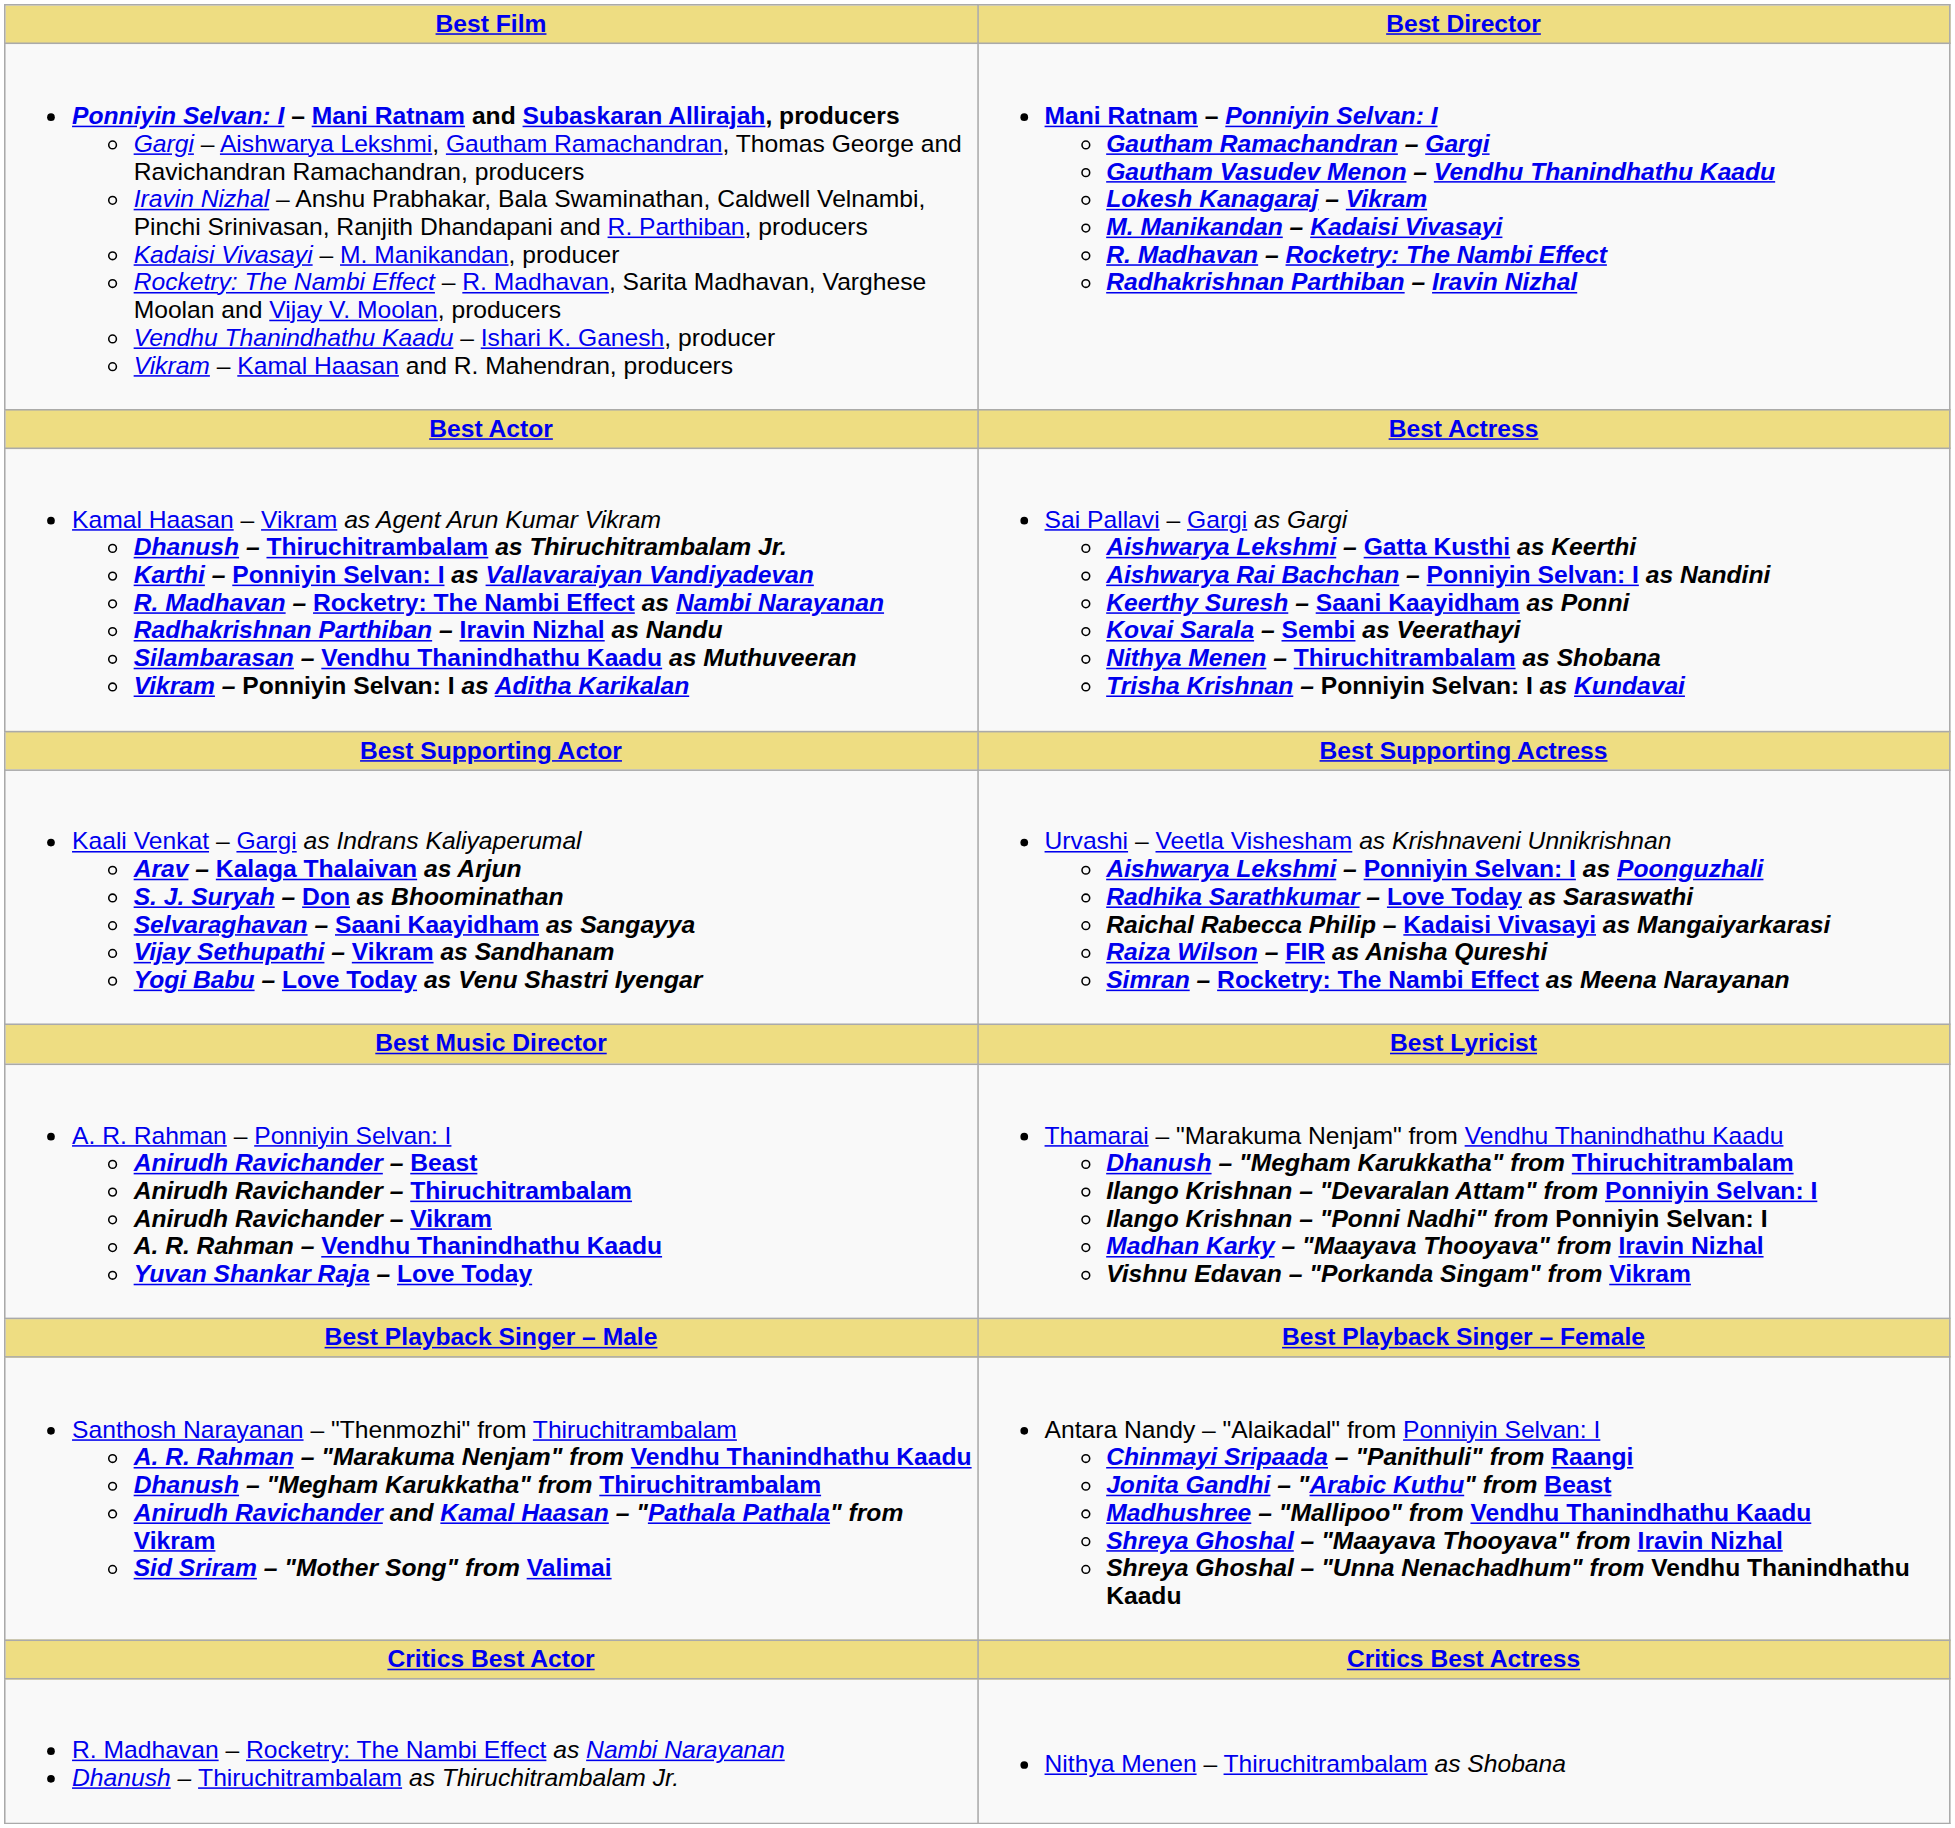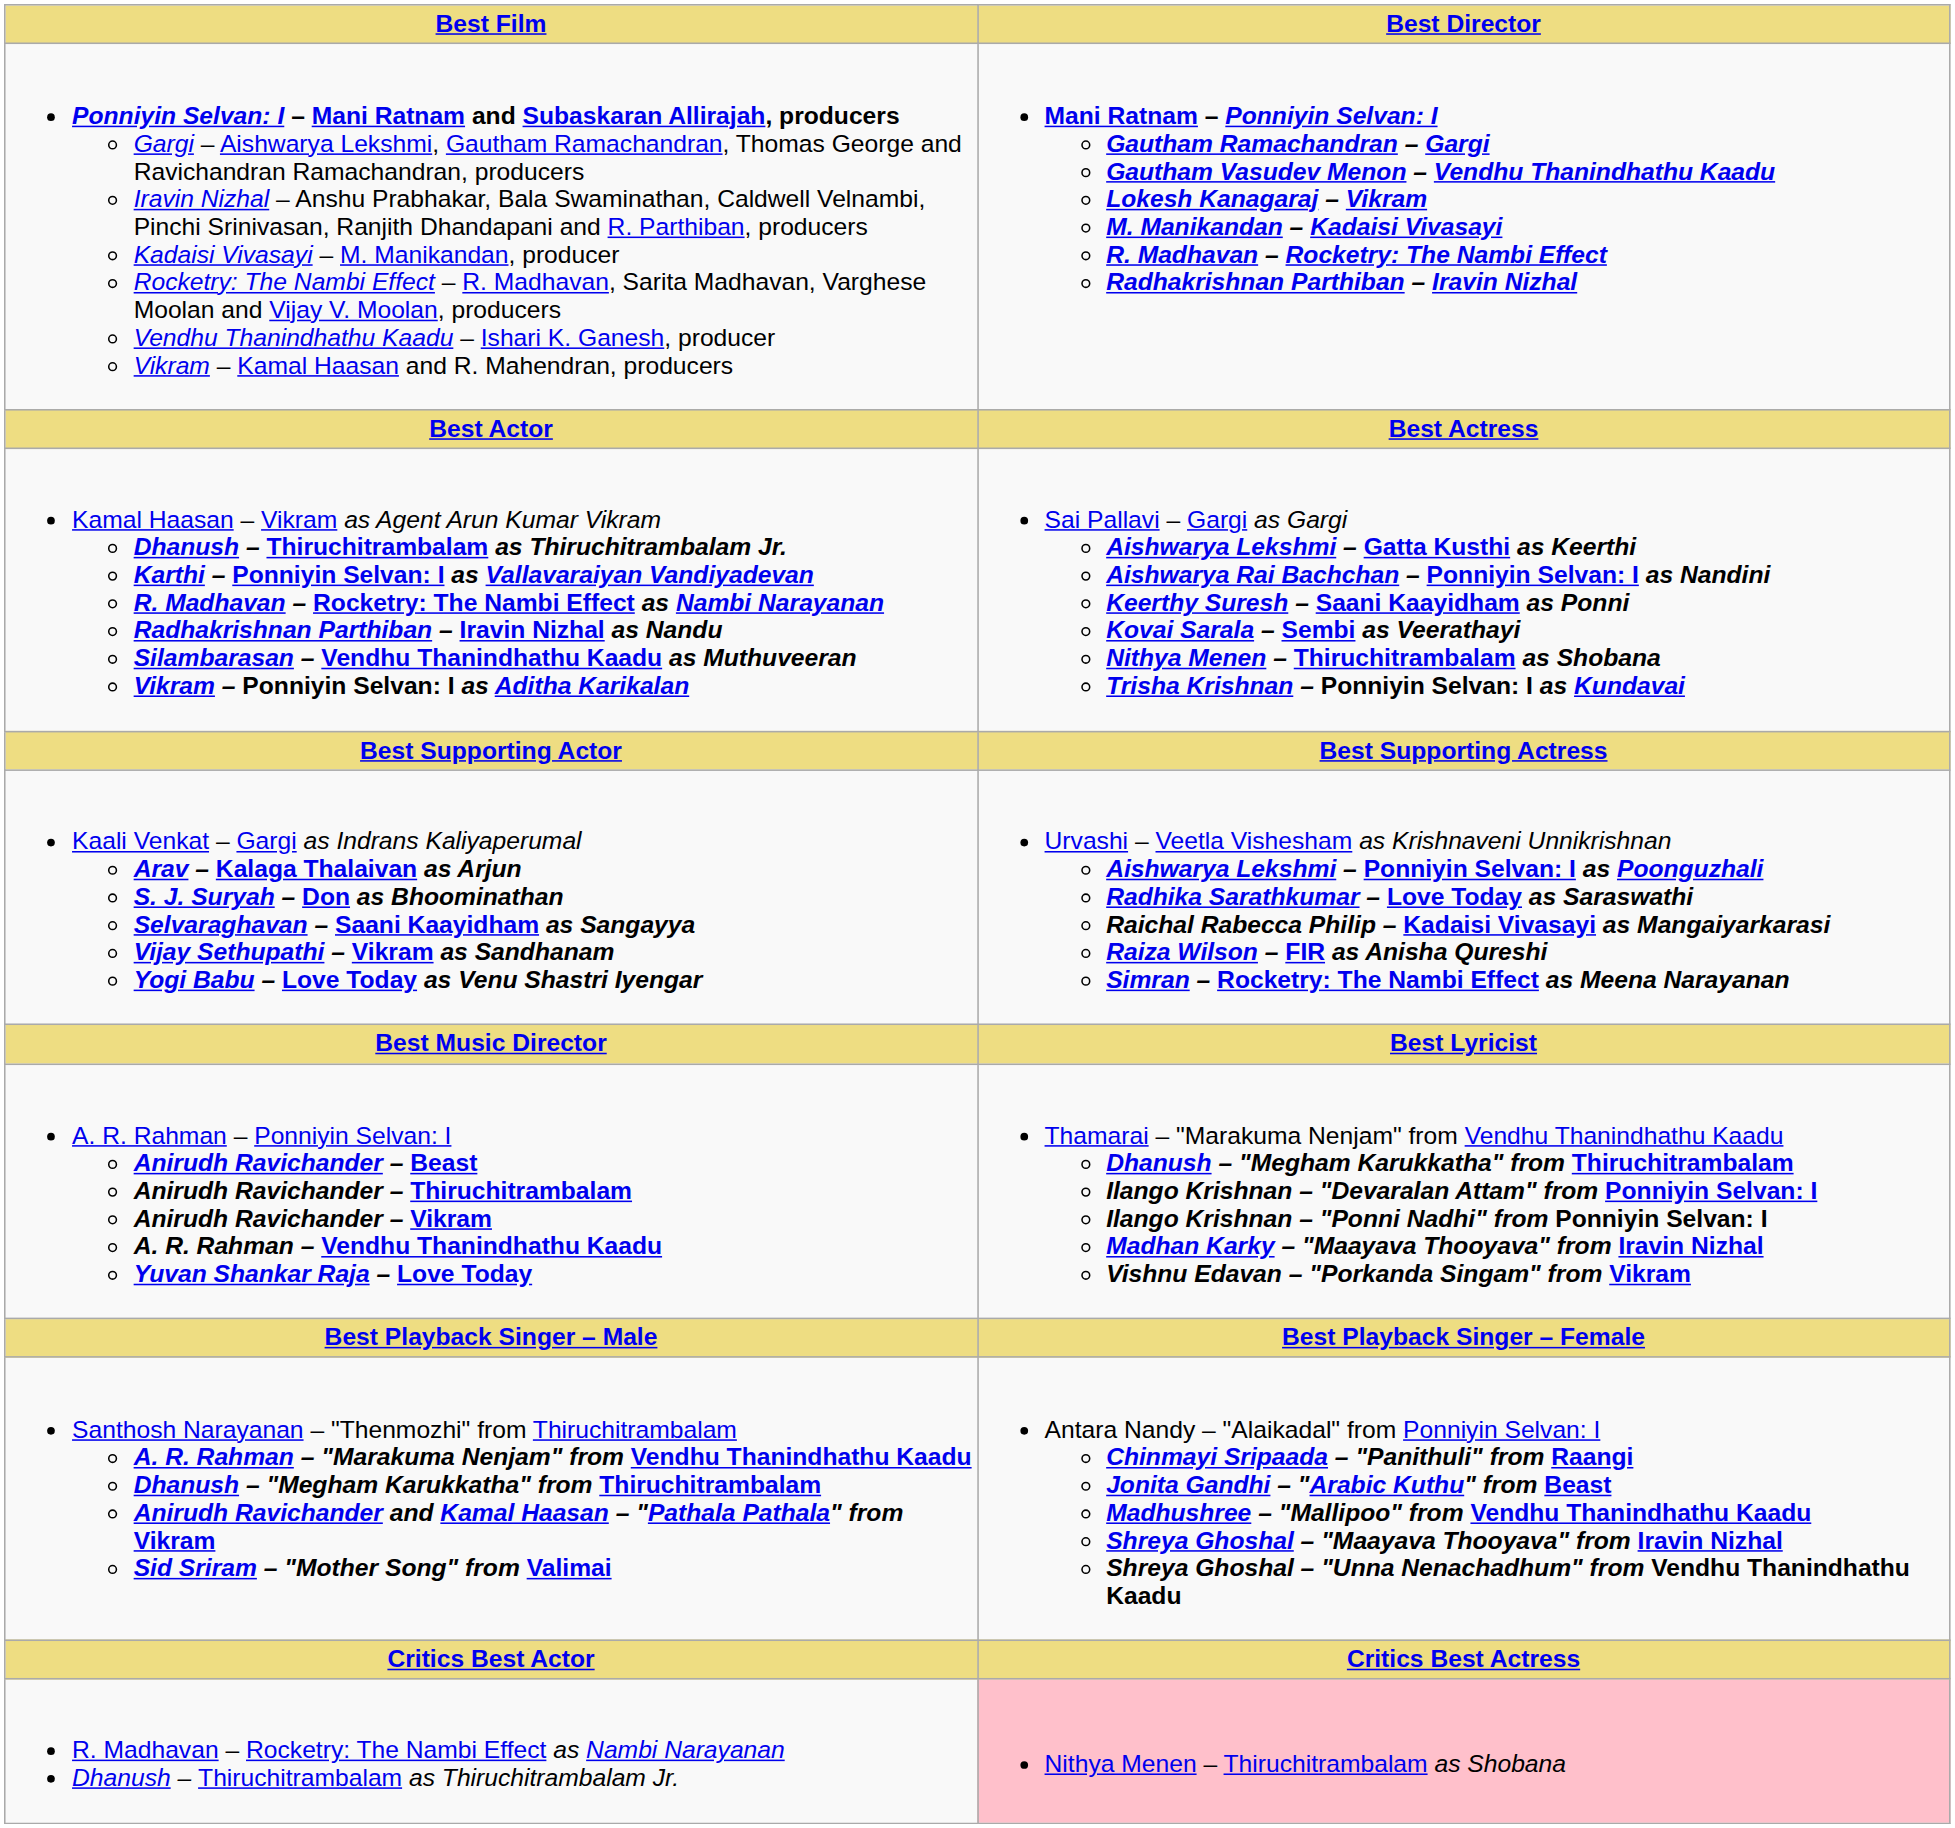 <table class="wikitable" width=100% |>
 <tr>
 <th ! style="background:#eedd82; text-align:center; width:50%;"><a href='#'>Best Film</a></th>
 <th ! style="background:#eedd82; text-align:center; width:50%;"><a href='#'>Best Director</a></th>
 </tr>
 <tr>
 <td valign="top"><br><ul><li><strong><em><a href='#'>Ponniyin Selvan: I</a></em></strong> <strong>– <a href='#'>Mani Ratnam</a> and <a href='#'>Subaskaran Allirajah</a>, producers</strong><ul><li><a href='#'><em>Gargi</em></a> – <a href='#'>Aishwarya Lekshmi</a>, <a href='#'>Gautham Ramachandran</a>, Thomas George and Ravichandran Ramachandran, producers</li><li><em><a href='#'>Iravin Nizhal</a></em> – Anshu Prabhakar, Bala Swaminathan, Caldwell Velnambi, Pinchi Srinivasan, Ranjith Dhandapani and <a href='#'>R. Parthiban</a>, producers</li><li><em><a href='#'>Kadaisi Vivasayi</a></em> – <a href='#'>M. Manikandan</a>, producer</li><li><em><a href='#'>Rocketry: The Nambi Effect</a></em> – <a href='#'>R. Madhavan</a>, Sarita Madhavan, Varghese Moolan and <a href='#'>Vijay V. Moolan</a>, producers</li><li><em><a href='#'>Vendhu Thanindhathu Kaadu</a></em> – <a href='#'>Ishari K. Ganesh</a>, producer</li><li><a href='#'><em>Vikram</em></a> – <a href='#'>Kamal Haasan</a> and R. Mahendran, producers</li></ul></li></ul></td>
 <td valign="top"><br><ul><li><strong><a href='#'>Mani Ratnam</a> – <em><a href='#'>Ponniyin Selvan: I</a><strong><em><ul><li><a href='#'>Gautham Ramachandran</a> – <a href='#'></em>Gargi<em></a></li><li><a href='#'>Gautham Vasudev Menon</a> – </em><a href='#'>Vendhu Thanindhathu Kaadu</a><em></li><li><a href='#'>Lokesh Kanagaraj</a> – <a href='#'></em>Vikram<em></a></li><li><a href='#'>M. Manikandan</a> – </em><a href='#'>Kadaisi Vivasayi</a><em></li><li><a href='#'>R. Madhavan</a> – </em><a href='#'>Rocketry: The Nambi Effect</a><em></li><li><a href='#'>Radhakrishnan Parthiban</a> – </em><a href='#'>Iravin Nizhal</a><em></li></ul></li></ul></td>
 </tr>
 <tr>
 <th ! style="background:#eedd82; text-align:center;"><a href='#'>Best Actor</a></th>
 <th ! style="background:#eedd82; text-align:center;"><a href='#'>Best Actress</a></th>
 </tr>
 <tr>
 <td valign="top"><br><ul><li></strong><a href='#'>Kamal Haasan</a> – <a href='#'></em>Vikram<em></a> as Agent Arun Kumar Vikram<strong><ul><li><a href='#'>Dhanush</a> – </em><a href='#'>Thiruchitrambalam</a><em> as Thiruchitrambalam Jr.</li><li><a href='#'>Karthi</a> – </em><a href='#'>Ponniyin Selvan: I</a><em> as <a href='#'>Vallavaraiyan Vandiyadevan</a></li><li><a href='#'>R. Madhavan</a> – </em><a href='#'>Rocketry: The Nambi Effect</a><em> as <a href='#'>Nambi Narayanan</a></li><li><a href='#'>Radhakrishnan Parthiban</a> – </em><a href='#'>Iravin Nizhal</a><em> as Nandu</li><li><a href='#'>Silambarasan</a> – </em><a href='#'>Vendhu Thanindhathu Kaadu</a><em> as Muthuveeran</li><li><a href='#'>Vikram</a> – </em>Ponniyin Selvan: I<em> as <a href='#'>Aditha Karikalan</a></li></ul></li></ul></td>
 <td valign="top"><br><ul><li></strong><a href='#'>Sai Pallavi</a> – <a href='#'></em>Gargi<em></a> as Gargi<strong><ul><li><a href='#'>Aishwarya Lekshmi</a> – </em><a href='#'>Gatta Kusthi</a><em> as Keerthi</li><li><a href='#'>Aishwarya Rai Bachchan</a> – </em><a href='#'>Ponniyin Selvan: I</a><em> as Nandini</li><li><a href='#'>Keerthy Suresh</a> – </em><a href='#'>Saani Kaayidham</a><em> as Ponni</li><li><a href='#'>Kovai Sarala</a> – </em><a href='#'>Sembi</a><em> as Veerathayi</li><li><a href='#'>Nithya Menen</a> – </em><a href='#'>Thiruchitrambalam</a><em> as Shobana</li><li><a href='#'>Trisha Krishnan</a> – </em>Ponniyin Selvan: I<em> as <a href='#'>Kundavai</a></li></ul></li></ul></td>
 </tr>
 <tr>
 <th ! style="background:#eedd82; text-align:center;"><a href='#'>Best Supporting Actor</a></th>
 <th ! style="background:#eedd82; text-align:center;"><a href='#'>Best Supporting Actress</a></th>
 </tr>
 <tr>
 <td valign="top"><br><ul><li></strong><a href='#'>Kaali Venkat</a> – <a href='#'></em>Gargi<em></a> as Indrans Kaliyaperumal<strong><ul><li><a href='#'>Arav</a> – </em><a href='#'>Kalaga Thalaivan</a><em> as Arjun</li><li><a href='#'>S. J. Suryah</a> – <a href='#'></em>Don<em></a> as Bhoominathan</li><li><a href='#'>Selvaraghavan</a> – </em><a href='#'>Saani Kaayidham</a><em> as Sangayya</li><li><a href='#'>Vijay Sethupathi</a> – <a href='#'></em>Vikram<em></a> as Sandhanam</li><li><a href='#'>Yogi Babu</a> – <a href='#'></em>Love Today<em></a> as Venu Shastri Iyengar</li></ul></li></ul></td>
 <td valign="top"><br><ul><li></strong><a href='#'>Urvashi</a> – </em><a href='#'>Veetla Vishesham</a><em> as Krishnaveni Unnikrishnan<strong><ul><li><a href='#'>Aishwarya Lekshmi</a> – </em><a href='#'>Ponniyin Selvan: I</a><em>  as <a href='#'>Poonguzhali</a></li><li><a href='#'>Radhika Sarathkumar</a> – <a href='#'></em>Love Today<em></a> as Saraswathi</li><li>Raichal Rabecca Philip – </em><a href='#'>Kadaisi Vivasayi</a><em> as Mangaiyarkarasi</li><li><a href='#'>Raiza Wilson</a> – <a href='#'></em>FIR<em></a> as Anisha Qureshi</li><li><a href='#'>Simran</a> – </em><a href='#'>Rocketry: The Nambi Effect</a><em> as Meena Narayanan</li></ul></li></ul></td>
 </tr>
 <tr>
 <th ! style="background:#eedd82; text-align:center;"><a href='#'>Best Music Director</a></th>
 <th ! style="background:#eedd82; text-align:center;"><a href='#'>Best Lyricist</a></th>
 </tr>
 <tr>
 <td valign="top"><br><ul><li></strong><a href='#'>A. R. Rahman</a> – <a href='#'></em>Ponniyin Selvan: I<em></a><strong><ul><li><a href='#'>Anirudh Ravichander</a> – <a href='#'></em>Beast<em></a></li><li>Anirudh Ravichander – <a href='#'></em>Thiruchitrambalam<em></a></li><li>Anirudh Ravichander – <a href='#'></em>Vikram<em></a></li><li>A. R. Rahman – <a href='#'></em>Vendhu Thanindhathu Kaadu<em></a></li><li><a href='#'>Yuvan Shankar Raja</a> – <a href='#'></em>Love Today<em></a></li></ul></li></ul></td>
 <td valign="top"><br><ul><li></strong><a href='#'>Thamarai</a> – "Marakuma Nenjam" from <a href='#'></em>Vendhu Thanindhathu Kaadu<em></a><strong><ul><li><a href='#'>Dhanush</a> – "Megham Karukkatha" from <a href='#'></em>Thiruchitrambalam<em></a></li><li>Ilango Krishnan – "Devaralan Attam" from <a href='#'></em>Ponniyin Selvan: I<em></a></li><li>Ilango Krishnan – "Ponni Nadhi" from </em>Ponniyin Selvan: I<em></li><li><a href='#'>Madhan Karky</a> – "Maayava Thooyava" from </em><a href='#'>Iravin Nizhal</a><em></li><li>Vishnu Edavan – "Porkanda Singam"  from <a href='#'></em>Vikram<em></a></li></ul></li></ul></td>
 </tr>
 <tr>
 <th ! style="background:#eedd82; text-align:center;"><a href='#'>Best Playback Singer – Male</a></th>
 <th ! style="background:#eedd82; text-align:center;"><a href='#'>Best Playback Singer – Female</a></th>
 </tr>
 <tr>
 <td valign="top"><br><ul><li></strong><a href='#'>Santhosh Narayanan</a> – "Thenmozhi" from <a href='#'></em>Thiruchitrambalam<em></a><strong><ul><li><a href='#'>A. R. Rahman</a> –  "Marakuma Nenjam" from <a href='#'></em>Vendhu Thanindhathu Kaadu<em></a></li><li><a href='#'>Dhanush</a> –  "Megham Karukkatha" from <a href='#'></em>Thiruchitrambalam<em></a></li><li><a href='#'>Anirudh Ravichander</a> and <a href='#'>Kamal Haasan</a> – "<a href='#'>Pathala Pathala</a>" from <a href='#'></em>Vikram<em></a></li><li><a href='#'>Sid Sriram</a> – "Mother Song" from <a href='#'></em>Valimai<em></a></li></ul></li></ul></td>
 <td valign="top"><br><ul><li></strong>Antara Nandy – "Alaikadal" from <a href='#'></em>Ponniyin Selvan: I<em></a><strong><ul><li><a href='#'>Chinmayi Sripaada</a> – "Panithuli" from </em><a href='#'>Raangi</a><em></li><li><a href='#'>Jonita Gandhi</a> – "<a href='#'>Arabic Kuthu</a>" from <a href='#'></em>Beast<em></a></li><li><a href='#'>Madhushree</a> – "Mallipoo" from <a href='#'></em>Vendhu Thanindhathu Kaadu<em></a></li><li><a href='#'>Shreya Ghoshal</a> – "Maayava Thooyava" from </em><a href='#'>Iravin Nizhal</a><em></li><li>Shreya Ghoshal – "Unna Nenachadhum" from </em>Vendhu Thanindhathu Kaadu<em></li></ul></li></ul></td>
 </tr>
 <tr>
 <th ! style="background:#eedd82; text-align:center;"><a href='#'>Critics Best Actor</a></th>
 <th ! style="background:#eedd82; text-align:center;"><a href='#'></strong>Critics Best Actress<strong></a></th>
 </tr>
 <tr>
 <td><br><ul><li></strong><a href='#'>R. Madhavan</a><strong> </strong>– </em><a href='#'>Rocketry: The Nambi Effect</a><em> as <a href='#'>Nambi Narayanan</a><strong></li><li></strong><a href='#'>Dhanush</a> – </em><a href='#'>Thiruchitrambalam</a><em> as Thiruchitrambalam Jr.<strong></li></ul></td>
-<td><br><ul><li></strong><a href='#'>Nithya Menen</a><strong> </strong>– </em><a href='#'>Thiruchitrambalam</a><em> as Shobana<strong></li></ul></td>
+<td style="background: pink;"><br><ul><li></strong><a href='#'>Nithya Menen</a><strong> </strong>– </em><a href='#'>Thiruchitrambalam</a><em> as Shobana<strong></li></ul></td>
 </tr>
 </table>
